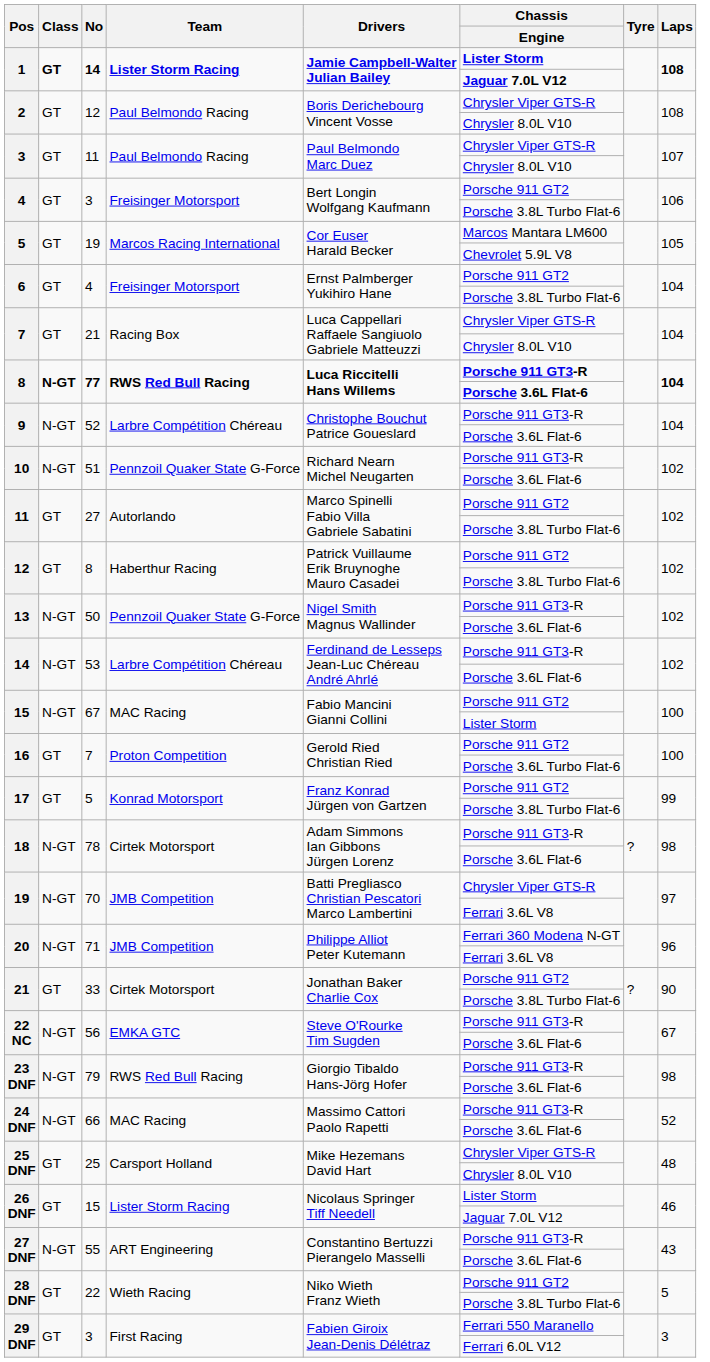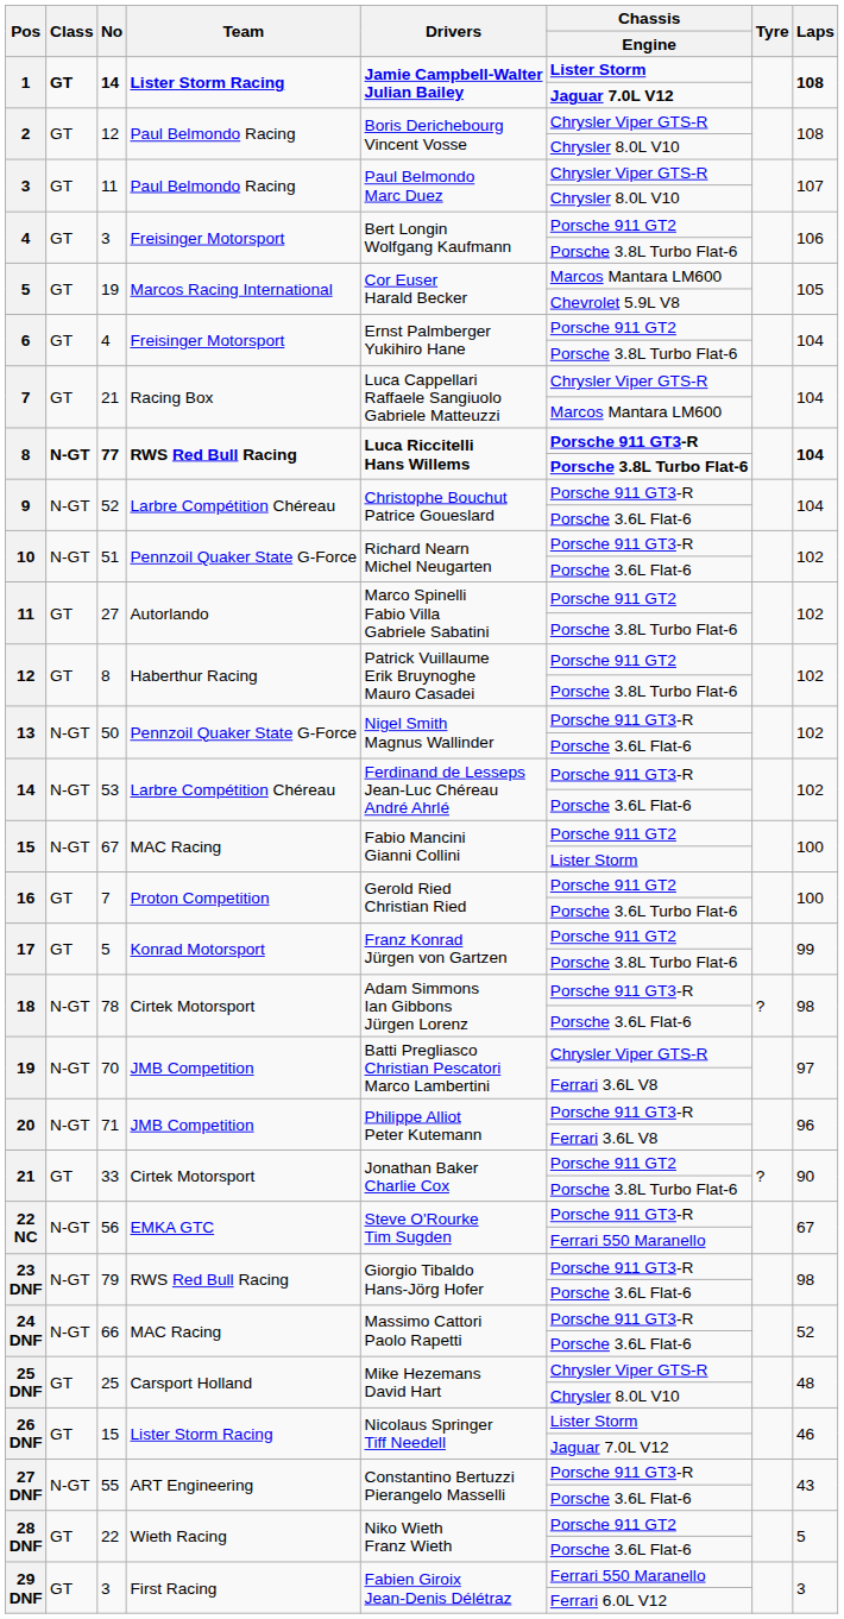 <table class="wikitable" style="font-size: 95%;">
 <tr>
 <th rowspan=2>Pos</th>
 <th rowspan=2>Class</th>
 <th rowspan=2>No</th>
 <th rowspan=2>Team</th>
 <th rowspan=2>Drivers</th>
 <th>Chassis</th>
 <th rowspan=2>Tyre</th>
 <th rowspan=2>Laps</th>
 </tr>
 <tr>
 <th>Engine</th>
 </tr>
 <tr style="font-weight:bold">
 <th rowspan=2>1</th>
 <td rowspan=2>GT</td>
 <td rowspan=2>14</td>
 <td rowspan=2> <a href='#'>Lister Storm Racing</a></td>
 <td rowspan=2> <a href='#'>Jamie Campbell-Walter</a><br> <a href='#'>Julian Bailey</a></td>
 <td><a href='#'>Lister Storm</a></td>
 <td rowspan=2></td>
 <td rowspan=2>108</td>
 </tr>
 <tr style="font-weight:bold">
 <td><a href='#'>Jaguar</a> 7.0L V12</td>
 </tr>
 <tr>
 <th rowspan=2>2</th>
 <td rowspan=2>GT</td>
 <td rowspan=2>12</td>
 <td rowspan=2> <a href='#'>Paul Belmondo</a> Racing</td>
 <td rowspan=2> <a href='#'>Boris Derichebourg</a><br> Vincent Vosse</td>
 <td><a href='#'>Chrysler Viper GTS-R</a></td>
 <td rowspan=2></td>
 <td rowspan=2>108</td>
 </tr>
 <tr>
 <td><a href='#'>Chrysler</a> 8.0L V10</td>
 </tr>
 <tr>
 <th rowspan=2>3</th>
 <td rowspan=2>GT</td>
 <td rowspan=2>11</td>
 <td rowspan=2> <a href='#'>Paul Belmondo</a> Racing</td>
 <td rowspan=2> <a href='#'>Paul Belmondo</a><br> <a href='#'>Marc Duez</a></td>
 <td><a href='#'>Chrysler Viper GTS-R</a></td>
 <td rowspan=2></td>
 <td rowspan=2>107</td>
 </tr>
 <tr>
 <td><a href='#'>Chrysler</a> 8.0L V10</td>
 </tr>
 <tr>
 <th rowspan=2>4</th>
 <td rowspan=2>GT</td>
 <td rowspan=2>3</td>
 <td rowspan=2> <a href='#'>Freisinger Motorsport</a></td>
 <td rowspan=2> Bert Longin<br> Wolfgang Kaufmann</td>
 <td><a href='#'>Porsche 911 GT2</a></td>
 <td rowspan=2></td>
 <td rowspan=2>106</td>
 </tr>
 <tr>
 <td><a href='#'>Porsche</a> 3.8L Turbo Flat-6</td>
 </tr>
 <tr>
 <th rowspan=2>5</th>
 <td rowspan=2>GT</td>
 <td rowspan=2>19</td>
 <td rowspan=2> <a href='#'>Marcos Racing International</a></td>
 <td rowspan=2> <a href='#'>Cor Euser</a><br> Harald Becker</td>
 <td><a href='#'>Marcos</a> Mantara LM600</td>
 <td rowspan=2></td>
 <td rowspan=2>105</td>
 </tr>
 <tr>
 <td><a href='#'>Chevrolet</a> 5.9L V8</td>
 </tr>
 <tr>
 <th rowspan=2>6</th>
 <td rowspan=2>GT</td>
 <td rowspan=2>4</td>
 <td rowspan=2> <a href='#'>Freisinger Motorsport</a></td>
 <td rowspan=2> Ernst Palmberger<br> Yukihiro Hane</td>
 <td><a href='#'>Porsche 911 GT2</a></td>
 <td rowspan=2></td>
 <td rowspan=2>104</td>
 </tr>
 <tr>
 <td><a href='#'>Porsche</a> 3.8L Turbo Flat-6</td>
 </tr>
 <tr>
 <th rowspan=2>7</th>
 <td rowspan=2>GT</td>
 <td rowspan=2>21</td>
 <td rowspan=2> Racing Box</td>
 <td rowspan=2> Luca Cappellari<br> Raffaele Sangiuolo<br> Gabriele Matteuzzi</td>
 <td><a href='#'>Chrysler Viper GTS-R</a></td>
 <td rowspan=2></td>
 <td rowspan=2>104</td>
 </tr>
 <tr>
-<td><a href='#'>Chrysler</a> 8.0L V10</td>
+<td><a href='#'>Marcos</a> Mantara LM600</td>
 </tr>
 <tr style="font-weight:bold">
 <th rowspan=2>8</th>
 <td rowspan=2>N-GT</td>
 <td rowspan=2>77</td>
 <td rowspan=2> RWS <a href='#'>Red Bull</a> Racing</td>
 <td rowspan=2> Luca Riccitelli<br> Hans Willems</td>
 <td><a href='#'>Porsche 911 GT3</a>-R</td>
 <td rowspan=2></td>
 <td rowspan=2>104</td>
 </tr>
 <tr style="font-weight:bold">
-<td><a href='#'>Porsche</a> 3.6L Flat-6</td>
+<td><a href='#'>Porsche</a> 3.8L Turbo Flat-6</td>
 </tr>
 <tr>
 <th rowspan=2>9</th>
 <td rowspan=2>N-GT</td>
 <td rowspan=2>52</td>
 <td rowspan=2> <a href='#'>Larbre Compétition</a> Chéreau</td>
 <td rowspan=2> <a href='#'>Christophe Bouchut</a><br> Patrice Goueslard</td>
 <td><a href='#'>Porsche 911 GT3</a>-R</td>
 <td rowspan=2></td>
 <td rowspan=2>104</td>
 </tr>
 <tr>
 <td><a href='#'>Porsche</a> 3.6L Flat-6</td>
 </tr>
 <tr>
 <th rowspan=2>10</th>
 <td rowspan=2>N-GT</td>
 <td rowspan=2>51</td>
 <td rowspan=2> <a href='#'>Pennzoil Quaker State</a> G-Force</td>
 <td rowspan=2> Richard Nearn<br> Michel Neugarten</td>
 <td><a href='#'>Porsche 911 GT3</a>-R</td>
 <td rowspan=2></td>
 <td rowspan=2>102</td>
 </tr>
 <tr>
 <td><a href='#'>Porsche</a> 3.6L Flat-6</td>
 </tr>
 <tr>
 <th rowspan=2>11</th>
 <td rowspan=2>GT</td>
 <td rowspan=2>27</td>
 <td rowspan=2> Autorlando</td>
 <td rowspan=2> Marco Spinelli<br> Fabio Villa<br> Gabriele Sabatini</td>
 <td><a href='#'>Porsche 911 GT2</a></td>
 <td rowspan=2></td>
 <td rowspan=2>102</td>
 </tr>
 <tr>
 <td><a href='#'>Porsche</a> 3.8L Turbo Flat-6</td>
 </tr>
 <tr>
 <th rowspan=2>12</th>
 <td rowspan=2>GT</td>
 <td rowspan=2>8</td>
 <td rowspan=2> Haberthur Racing</td>
 <td rowspan=2> Patrick Vuillaume<br> Erik Bruynoghe<br> Mauro Casadei</td>
 <td><a href='#'>Porsche 911 GT2</a></td>
 <td rowspan=2></td>
 <td rowspan=2>102</td>
 </tr>
 <tr>
 <td><a href='#'>Porsche</a> 3.8L Turbo Flat-6</td>
 </tr>
 <tr>
 <th rowspan=2>13</th>
 <td rowspan=2>N-GT</td>
 <td rowspan=2>50</td>
 <td rowspan=2> <a href='#'>Pennzoil Quaker State</a> G-Force</td>
 <td rowspan=2> <a href='#'>Nigel Smith</a><br> Magnus Wallinder</td>
 <td><a href='#'>Porsche 911 GT3</a>-R</td>
 <td rowspan=2></td>
 <td rowspan=2>102</td>
 </tr>
 <tr>
 <td><a href='#'>Porsche</a> 3.6L Flat-6</td>
 </tr>
 <tr>
 <th rowspan=2>14</th>
 <td rowspan=2>N-GT</td>
 <td rowspan=2>53</td>
 <td rowspan=2> <a href='#'>Larbre Compétition</a> Chéreau</td>
 <td rowspan=2> <a href='#'>Ferdinand de Lesseps</a><br> Jean-Luc Chéreau<br> <a href='#'>André Ahrlé</a></td>
 <td><a href='#'>Porsche 911 GT3</a>-R</td>
 <td rowspan=2></td>
 <td rowspan=2>102</td>
 </tr>
 <tr>
 <td><a href='#'>Porsche</a> 3.6L Flat-6</td>
 </tr>
 <tr>
 <th rowspan=2>15</th>
 <td rowspan=2>N-GT</td>
 <td rowspan=2>67</td>
 <td rowspan=2> MAC Racing</td>
 <td rowspan=2> Fabio Mancini<br> Gianni Collini</td>
 <td><a href='#'>Porsche 911 GT2</a></td>
 <td rowspan=2></td>
 <td rowspan=2>100</td>
 </tr>
 <tr>
 <td><a href='#'>Lister Storm</a></td>
 </tr>
 <tr>
 <th rowspan=2>16</th>
 <td rowspan=2>GT</td>
 <td rowspan=2>7</td>
 <td rowspan=2> <a href='#'>Proton Competition</a></td>
 <td rowspan=2> Gerold Ried<br> Christian Ried</td>
 <td><a href='#'>Porsche 911 GT2</a></td>
 <td rowspan=2></td>
 <td rowspan=2>100</td>
 </tr>
 <tr>
 <td><a href='#'>Porsche</a> 3.6L Turbo Flat-6</td>
 </tr>
 <tr>
 <th rowspan=2>17</th>
 <td rowspan=2>GT</td>
 <td rowspan=2>5</td>
 <td rowspan=2> <a href='#'>Konrad Motorsport</a></td>
 <td rowspan=2> <a href='#'>Franz Konrad</a><br> Jürgen von Gartzen</td>
 <td><a href='#'>Porsche 911 GT2</a></td>
 <td rowspan=2></td>
 <td rowspan=2>99</td>
 </tr>
 <tr>
 <td><a href='#'>Porsche</a> 3.8L Turbo Flat-6</td>
 </tr>
 <tr>
 <th rowspan=2>18</th>
 <td rowspan=2>N-GT</td>
 <td rowspan=2>78</td>
 <td rowspan=2> Cirtek Motorsport</td>
 <td rowspan=2> Adam Simmons<br> Ian Gibbons<br> Jürgen Lorenz</td>
 <td><a href='#'>Porsche 911 GT3</a>-R</td>
 <td rowspan=2>?</td>
 <td rowspan=2>98</td>
 </tr>
 <tr>
 <td><a href='#'>Porsche</a> 3.6L Flat-6</td>
 </tr>
 <tr>
 <th rowspan=2>19</th>
 <td rowspan=2>N-GT</td>
 <td rowspan=2>70</td>
 <td rowspan=2> <a href='#'>JMB Competition</a></td>
 <td rowspan=2> Batti Pregliasco<br> <a href='#'>Christian Pescatori</a><br> Marco Lambertini</td>
 <td><a href='#'>Chrysler Viper GTS-R</a></td>
 <td rowspan=2></td>
 <td rowspan=2>97</td>
 </tr>
 <tr>
 <td><a href='#'>Ferrari</a> 3.6L V8</td>
 </tr>
 <tr>
 <th rowspan=2>20</th>
 <td rowspan=2>N-GT</td>
 <td rowspan=2>71</td>
 <td rowspan=2> <a href='#'>JMB Competition</a></td>
 <td rowspan=2> <a href='#'>Philippe Alliot</a><br> Peter Kutemann</td>
-<td><a href='#'>Ferrari 360 Modena</a> N-GT</td>
+<td><a href='#'>Porsche 911 GT3</a>-R</td>
 <td rowspan=2></td>
 <td rowspan=2>96</td>
 </tr>
 <tr>
 <td><a href='#'>Ferrari</a> 3.6L V8</td>
 </tr>
 <tr>
 <th rowspan=2>21</th>
 <td rowspan=2>GT</td>
 <td rowspan=2>33</td>
 <td rowspan=2> Cirtek Motorsport</td>
 <td rowspan=2> Jonathan Baker<br> <a href='#'>Charlie Cox</a></td>
 <td><a href='#'>Porsche 911 GT2</a></td>
 <td rowspan=2>?</td>
 <td rowspan=2>90</td>
 </tr>
 <tr>
 <td><a href='#'>Porsche</a> 3.8L Turbo Flat-6</td>
 </tr>
 <tr>
 <th rowspan=2>22<br>NC</th>
 <td rowspan=2>N-GT</td>
 <td rowspan=2>56</td>
 <td rowspan=2> <a href='#'>EMKA GTC</a></td>
 <td rowspan=2> <a href='#'>Steve O'Rourke</a><br> <a href='#'>Tim Sugden</a></td>
 <td><a href='#'>Porsche 911 GT3</a>-R</td>
 <td rowspan=2></td>
 <td rowspan=2>67</td>
 </tr>
 <tr>
-<td><a href='#'>Porsche</a> 3.6L Flat-6</td>
+<td><a href='#'>Ferrari 550 Maranello</a></td>
 </tr>
 <tr>
 <th rowspan=2>23<br>DNF</th>
 <td rowspan=2>N-GT</td>
 <td rowspan=2>79</td>
 <td rowspan=2> RWS <a href='#'>Red Bull</a> Racing</td>
 <td rowspan=2> Giorgio Tibaldo<br> Hans-Jörg Hofer</td>
 <td><a href='#'>Porsche 911 GT3</a>-R</td>
 <td rowspan=2></td>
 <td rowspan=2>98</td>
 </tr>
 <tr>
 <td><a href='#'>Porsche</a> 3.6L Flat-6</td>
 </tr>
 <tr>
 <th rowspan=2>24<br>DNF</th>
 <td rowspan=2>N-GT</td>
 <td rowspan=2>66</td>
 <td rowspan=2> MAC Racing</td>
 <td rowspan=2> Massimo Cattori<br> Paolo Rapetti</td>
 <td><a href='#'>Porsche 911 GT3</a>-R</td>
 <td rowspan=2></td>
 <td rowspan=2>52</td>
 </tr>
 <tr>
 <td><a href='#'>Porsche</a> 3.6L Flat-6</td>
 </tr>
 <tr>
 <th rowspan=2>25<br>DNF</th>
 <td rowspan=2>GT</td>
 <td rowspan=2>25</td>
 <td rowspan=2> Carsport Holland</td>
 <td rowspan=2> Mike Hezemans<br> David Hart</td>
 <td><a href='#'>Chrysler Viper GTS-R</a></td>
 <td rowspan=2></td>
 <td rowspan=2>48</td>
 </tr>
 <tr>
 <td><a href='#'>Chrysler</a> 8.0L V10</td>
 </tr>
 <tr>
 <th rowspan=2>26<br>DNF</th>
 <td rowspan=2>GT</td>
 <td rowspan=2>15</td>
 <td rowspan=2> <a href='#'>Lister Storm Racing</a></td>
 <td rowspan=2> Nicolaus Springer<br> <a href='#'>Tiff Needell</a></td>
 <td><a href='#'>Lister Storm</a></td>
 <td rowspan=2></td>
 <td rowspan=2>46</td>
 </tr>
 <tr>
 <td><a href='#'>Jaguar</a> 7.0L V12</td>
 </tr>
 <tr>
 <th rowspan=2>27<br>DNF</th>
 <td rowspan=2>N-GT</td>
 <td rowspan=2>55</td>
 <td rowspan=2> ART Engineering</td>
 <td rowspan=2> Constantino Bertuzzi<br> Pierangelo Masselli</td>
 <td><a href='#'>Porsche 911 GT3</a>-R</td>
 <td rowspan=2></td>
 <td rowspan=2>43</td>
 </tr>
 <tr>
 <td><a href='#'>Porsche</a> 3.6L Flat-6</td>
 </tr>
 <tr>
 <th rowspan=2>28<br>DNF</th>
 <td rowspan=2>GT</td>
 <td rowspan=2>22</td>
 <td rowspan=2> Wieth Racing</td>
 <td rowspan=2> Niko Wieth<br> Franz Wieth</td>
 <td><a href='#'>Porsche 911 GT2</a></td>
 <td rowspan=2></td>
 <td rowspan=2>5</td>
 </tr>
 <tr>
-<td><a href='#'>Porsche</a> 3.8L Turbo Flat-6</td>
+<td><a href='#'>Porsche</a> 3.6L Flat-6</td>
 </tr>
 <tr>
 <th rowspan=2>29<br>DNF</th>
 <td rowspan=2>GT</td>
 <td rowspan=2>3</td>
 <td rowspan=2> First Racing</td>
 <td rowspan=2> <a href='#'>Fabien Giroix</a><br> <a href='#'>Jean-Denis Délétraz</a></td>
 <td><a href='#'>Ferrari 550 Maranello</a></td>
 <td rowspan=2></td>
 <td rowspan=2>3</td>
 </tr>
 <tr>
 <td><a href='#'>Ferrari</a> 6.0L V12</td>
 </tr>
 </table>
